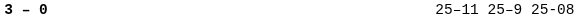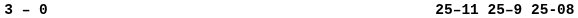 <table width=100% cellspacing=1>
 <tr>
 <th width=20%></th>
 <th width=12%></th>
 <th width=20%></th>
 <th width=33%></th>
 <td></td>
 </tr>
 <tr style=font-size:90%>
 <td align=right><strong></strong></td>
 <td align=center><strong>3 – 0</strong></td>
 <td></td>
-<td>25–11 25–9 25-08</td>
+<td><strong>25–11 25–9 25-08</strong></td>
 </tr>
 </table>
